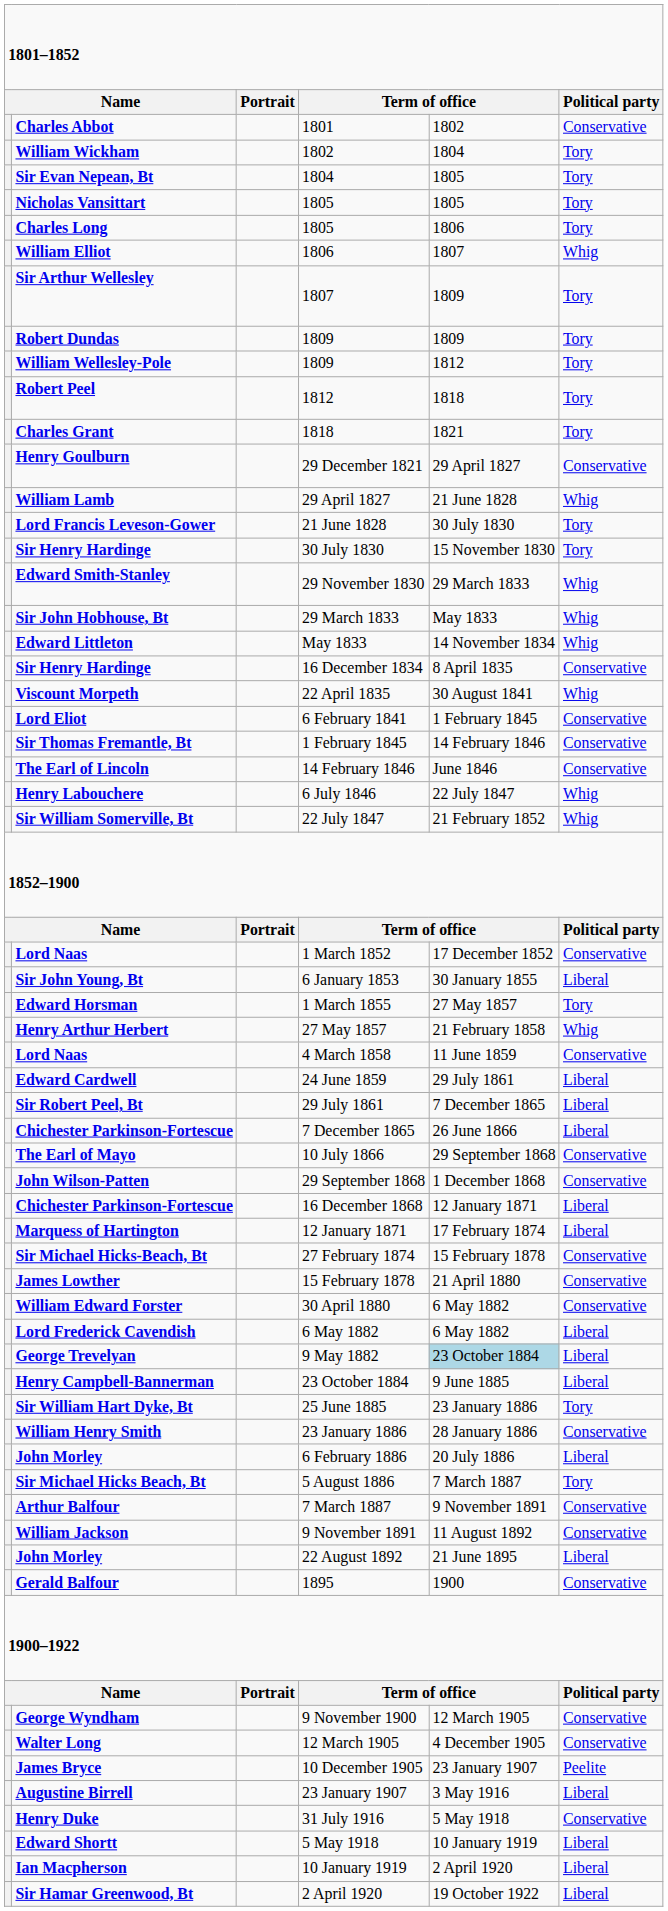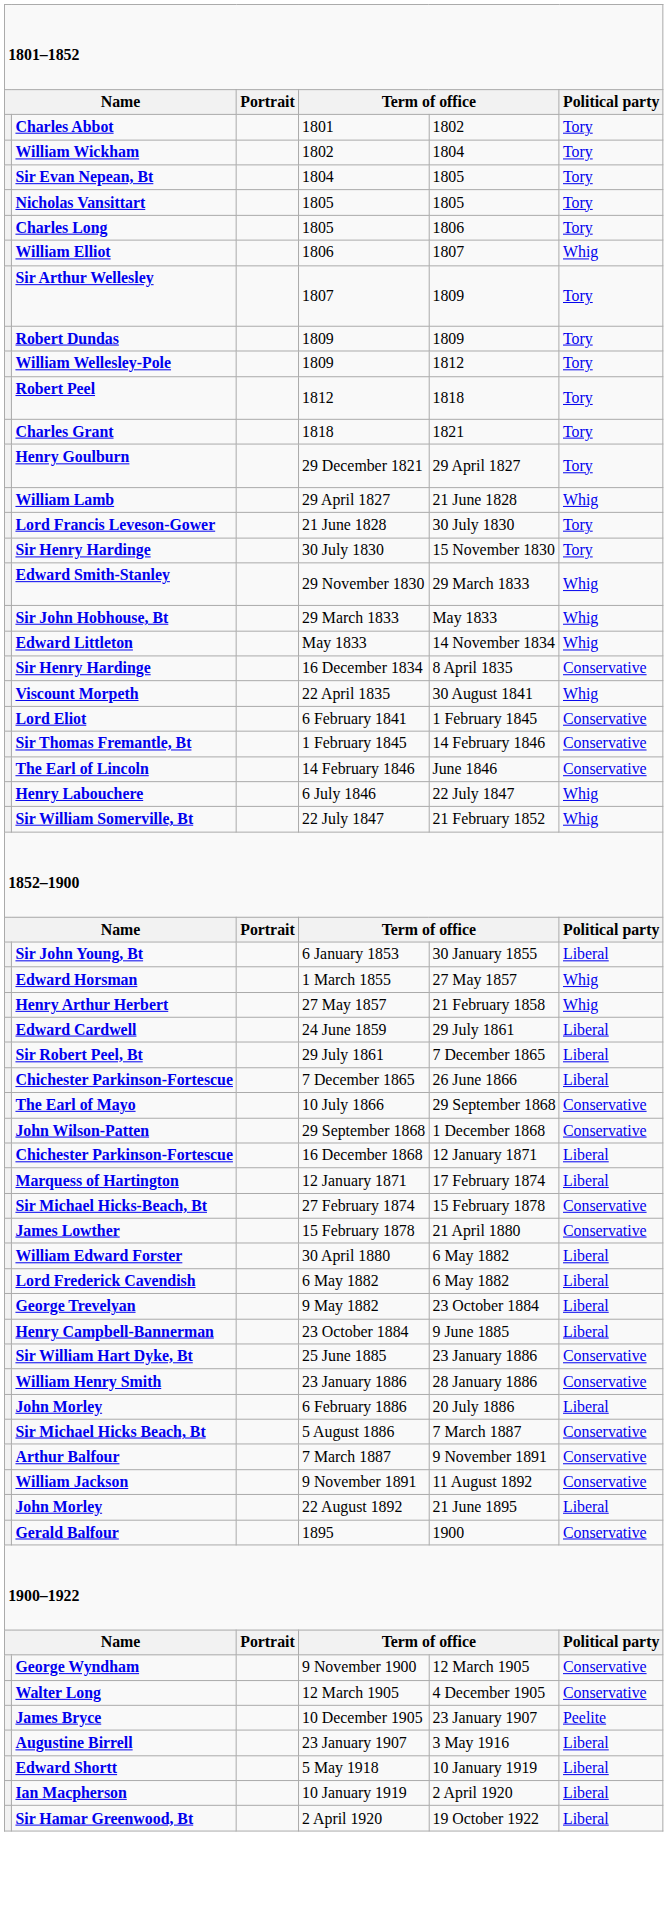 <table class="wikitable">
 <tr>
 <td colspan=6><br><h4>1801–1852</h4></td>
 </tr>
 <tr>
 <th colspan=2>Name</th>
 <th>Portrait</th>
 <th colspan=2>Term of office</th>
 <th>Political party</th>
 </tr>
 <tr>
 <th style="background-color: "></th>
 <td><strong><a href='#'>Charles Abbot</a></strong><br></td>
 <td></td>
 <td>1801</td>
 <td>1802</td>
-<td><a href='#'>Conservative</a></td>
+<td><a href='#'>Tory</a></td>
 </tr>
 <tr>
 <th style="background-color: "></th>
 <td><strong><a href='#'>William Wickham</a></strong><br></td>
 <td></td>
 <td>1802</td>
 <td>1804</td>
 <td><a href='#'>Tory</a></td>
 </tr>
 <tr>
 <th style="background-color: "></th>
 <td><strong><a href='#'>Sir Evan Nepean, Bt</a></strong><br></td>
 <td></td>
 <td>1804</td>
 <td>1805</td>
 <td><a href='#'>Tory</a></td>
 </tr>
 <tr>
 <th style="background-color: "></th>
 <td><strong><a href='#'>Nicholas Vansittart</a></strong><br></td>
 <td></td>
 <td>1805</td>
 <td>1805</td>
 <td><a href='#'>Tory</a></td>
 </tr>
 <tr>
 <th style="background-color: "></th>
 <td><strong><a href='#'>Charles Long</a></strong><br></td>
 <td></td>
 <td>1805</td>
 <td>1806</td>
 <td><a href='#'>Tory</a></td>
 </tr>
 <tr>
 <th style="background-color: "></th>
 <td><strong><a href='#'>William Elliot</a></strong><br></td>
 <td></td>
 <td>1806</td>
 <td>1807</td>
 <td><a href='#'>Whig</a></td>
 </tr>
 <tr>
 <th style="background-color: "></th>
 <td><strong><a href='#'>Sir Arthur Wellesley</a></strong><br><br><br></td>
 <td></td>
 <td>1807</td>
 <td>1809</td>
 <td><a href='#'>Tory</a></td>
 </tr>
 <tr>
 <th style="background-color: "></th>
 <td><strong><a href='#'>Robert Dundas</a></strong><br></td>
 <td></td>
 <td>1809</td>
 <td>1809</td>
 <td><a href='#'>Tory</a></td>
 </tr>
 <tr>
 <th style="background-color: "></th>
 <td><strong><a href='#'>William Wellesley-Pole</a></strong><br></td>
 <td></td>
 <td>1809</td>
 <td>1812</td>
 <td><a href='#'>Tory</a></td>
 </tr>
 <tr>
 <th style="background-color: "></th>
 <td><strong><a href='#'>Robert Peel</a></strong><br><br></td>
 <td></td>
 <td>1812</td>
 <td>1818</td>
 <td><a href='#'>Tory</a></td>
 </tr>
 <tr>
 <th style="background-color: "></th>
 <td><strong><a href='#'>Charles Grant</a></strong><br></td>
 <td></td>
 <td>1818</td>
 <td>1821</td>
 <td><a href='#'>Tory</a></td>
 </tr>
 <tr>
 <th style="background-color: "></th>
 <td><strong><a href='#'>Henry Goulburn</a></strong><br><br></td>
 <td></td>
 <td>29 December 1821</td>
 <td>29 April 1827</td>
-<td><a href='#'>Conservative</a></td>
+<td><a href='#'>Tory</a></td>
 </tr>
 <tr>
 <th style="background-color: "></th>
 <td><strong><a href='#'>William Lamb</a></strong><br></td>
 <td></td>
 <td>29 April 1827</td>
 <td>21 June 1828</td>
 <td><a href='#'>Whig</a></td>
 </tr>
 <tr>
 <th style="background-color: "></th>
 <td><strong><a href='#'>Lord Francis Leveson-Gower</a></strong><br></td>
 <td></td>
 <td>21 June 1828</td>
 <td>30 July 1830</td>
 <td><a href='#'>Tory</a></td>
 </tr>
 <tr>
 <th style="background-color: "></th>
 <td><strong><a href='#'>Sir Henry Hardinge</a></strong><br></td>
 <td></td>
 <td>30 July 1830</td>
 <td>15 November 1830</td>
 <td><a href='#'>Tory</a></td>
 </tr>
 <tr>
 <th style="background-color: "></th>
 <td><strong><a href='#'>Edward Smith-Stanley</a></strong><br><br></td>
 <td></td>
 <td>29 November 1830</td>
 <td>29 March 1833</td>
 <td><a href='#'>Whig</a></td>
 </tr>
 <tr>
 <th style="background-color: "></th>
 <td><strong><a href='#'>Sir John Hobhouse, Bt</a></strong><br></td>
 <td></td>
 <td>29 March 1833</td>
 <td>May 1833</td>
 <td><a href='#'>Whig</a></td>
 </tr>
 <tr>
 <th style="background-color: "></th>
 <td><strong><a href='#'>Edward Littleton</a></strong><br></td>
 <td></td>
 <td>May 1833</td>
 <td>14 November 1834</td>
 <td><a href='#'>Whig</a></td>
 </tr>
 <tr>
 <th style="background-color: "></th>
 <td><strong><a href='#'>Sir Henry Hardinge</a></strong><br></td>
 <td></td>
 <td>16 December 1834</td>
 <td>8 April 1835</td>
 <td><a href='#'>Conservative</a></td>
 </tr>
 <tr>
 <th style="background-color: "></th>
 <td><strong><a href='#'>Viscount Morpeth</a></strong><br></td>
 <td></td>
 <td>22 April 1835</td>
 <td>30 August 1841</td>
 <td><a href='#'>Whig</a></td>
 </tr>
 <tr>
 <th style="background-color: "></th>
 <td><strong><a href='#'>Lord Eliot</a></strong><br></td>
 <td></td>
 <td>6 February 1841</td>
 <td>1 February 1845</td>
 <td><a href='#'>Conservative</a></td>
 </tr>
 <tr>
 <th style="background-color: "></th>
 <td><strong><a href='#'>Sir Thomas Fremantle, Bt</a></strong><br></td>
 <td></td>
 <td>1 February 1845</td>
 <td>14 February 1846</td>
 <td><a href='#'>Conservative</a></td>
 </tr>
 <tr>
 <th style="background-color: "></th>
 <td><strong><a href='#'>The Earl of Lincoln</a></strong><br></td>
 <td></td>
 <td>14 February 1846</td>
 <td>June 1846</td>
 <td><a href='#'>Conservative</a></td>
 </tr>
 <tr>
 <th style="background-color: "></th>
 <td><strong><a href='#'>Henry Labouchere</a></strong><br></td>
 <td></td>
 <td>6 July 1846</td>
 <td>22 July 1847</td>
 <td><a href='#'>Whig</a></td>
 </tr>
 <tr>
 <th style="background-color: "></th>
 <td><strong><a href='#'>Sir William Somerville, Bt</a></strong><br></td>
 <td></td>
 <td>22 July 1847</td>
 <td>21 February 1852</td>
 <td><a href='#'>Whig</a></td>
 </tr>
 <tr>
 <td colspan=6><br><h4>1852–1900</h4></td>
 </tr>
 <tr>
 <th colspan=2>Name</th>
 <th>Portrait</th>
 <th colspan=2>Term of office</th>
 <th>Political party</th>
 </tr>
 <tr>
 <th style="background-color: "></th>
-<td><strong><a href='#'>Lord Naas</a></strong><br></td>
-<td></td>
-<td>1 March 1852</td>
-<td>17 December 1852</td>
-<td><a href='#'>Conservative</a></td>
-</tr>
-<tr>
-<th style="background-color: "></th>
 <td><strong><a href='#'>Sir John Young, Bt</a></strong><br></td>
 <td></td>
 <td>6 January 1853</td>
 <td>30 January 1855</td>
 <td><a href='#'>Liberal</a></td>
 </tr>
 <tr>
 <th style="background-color: "></th>
 <td><strong><a href='#'>Edward Horsman</a></strong><br></td>
 <td></td>
 <td>1 March 1855</td>
 <td>27 May 1857</td>
-<td><a href='#'>Tory</a></td>
+<td><a href='#'>Whig</a></td>
 </tr>
 <tr>
 <th style="background-color: "></th>
 <td><strong><a href='#'>Henry Arthur Herbert</a></strong><br></td>
 <td></td>
 <td>27 May 1857</td>
 <td>21 February 1858</td>
 <td><a href='#'>Whig</a></td>
-</tr>
-<tr>
-<th style="background-color: "></th>
-<td><strong><a href='#'>Lord Naas</a></strong><br></td>
-<td></td>
-<td>4 March 1858</td>
-<td>11 June 1859</td>
-<td><a href='#'>Conservative</a></td>
 </tr>
 <tr>
 <th style="background-color: "></th>
 <td><strong><a href='#'>Edward Cardwell</a></strong><br></td>
 <td></td>
 <td>24 June 1859</td>
 <td>29 July 1861</td>
 <td><a href='#'>Liberal</a></td>
 </tr>
 <tr>
 <th style="background-color: "></th>
 <td><strong><a href='#'>Sir Robert Peel, Bt</a></strong><br></td>
 <td></td>
 <td>29 July 1861</td>
 <td>7 December 1865</td>
 <td><a href='#'>Liberal</a></td>
 </tr>
 <tr>
 <th style="background-color: "></th>
 <td><strong><a href='#'>Chichester Parkinson-Fortescue</a></strong><br></td>
 <td></td>
 <td>7 December 1865</td>
 <td>26 June 1866</td>
 <td><a href='#'>Liberal</a></td>
 </tr>
 <tr>
 <th style="background-color: "></th>
 <td><strong><a href='#'>The Earl of Mayo</a></strong><br></td>
 <td></td>
 <td>10 July 1866</td>
 <td>29 September 1868</td>
 <td><a href='#'>Conservative</a></td>
 </tr>
 <tr>
 <th style="background-color: "></th>
 <td><strong><a href='#'>John Wilson-Patten</a></strong><br></td>
 <td></td>
 <td>29 September 1868</td>
 <td>1 December 1868</td>
 <td><a href='#'>Conservative</a></td>
 </tr>
 <tr>
 <th style="background-color: "></th>
 <td><strong><a href='#'>Chichester Parkinson-Fortescue</a></strong><br></td>
 <td></td>
 <td>16 December 1868</td>
 <td>12 January 1871</td>
 <td><a href='#'>Liberal</a></td>
 </tr>
 <tr>
 <th style="background-color: "></th>
 <td><strong><a href='#'>Marquess of Hartington</a></strong><br></td>
 <td></td>
 <td>12 January 1871</td>
 <td>17 February 1874</td>
 <td><a href='#'>Liberal</a></td>
 </tr>
 <tr>
 <th style="background-color: "></th>
 <td><strong><a href='#'>Sir Michael Hicks-Beach, Bt</a></strong><br></td>
 <td></td>
 <td>27 February 1874</td>
 <td>15 February 1878</td>
 <td><a href='#'>Conservative</a></td>
 </tr>
 <tr>
 <th style="background-color: "></th>
 <td><strong><a href='#'>James Lowther</a></strong><br></td>
 <td></td>
 <td>15 February 1878</td>
 <td>21 April 1880</td>
 <td><a href='#'>Conservative</a></td>
 </tr>
 <tr>
 <th style="background-color: "></th>
 <td><strong><a href='#'>William Edward Forster</a></strong><br></td>
 <td></td>
 <td>30 April 1880</td>
 <td>6 May 1882</td>
-<td><a href='#'>Conservative</a></td>
+<td><a href='#'>Liberal</a></td>
 </tr>
 <tr>
 <th style="background-color: "></th>
 <td><strong><a href='#'>Lord Frederick Cavendish</a></strong><br></td>
 <td></td>
 <td>6 May 1882</td>
 <td>6 May 1882</td>
 <td><a href='#'>Liberal</a></td>
 </tr>
 <tr>
 <th style="background-color: "></th>
 <td><strong><a href='#'>George Trevelyan</a></strong><br></td>
 <td></td>
 <td>9 May 1882</td>
-<td style="background: lightblue;">23 October 1884</td>
+<td>23 October 1884</td>
 <td><a href='#'>Liberal</a></td>
 </tr>
 <tr>
 <th style="background-color: "></th>
 <td><strong><a href='#'>Henry Campbell-Bannerman</a></strong><br></td>
 <td></td>
 <td>23 October 1884</td>
 <td>9 June 1885</td>
 <td><a href='#'>Liberal</a></td>
 </tr>
 <tr>
 <th style="background-color: "></th>
 <td><strong><a href='#'>Sir William Hart Dyke, Bt</a></strong><br></td>
 <td></td>
 <td>25 June 1885</td>
 <td>23 January 1886</td>
-<td><a href='#'>Tory</a></td>
+<td><a href='#'>Conservative</a></td>
 </tr>
 <tr>
 <th style="background-color: "></th>
 <td><strong><a href='#'>William Henry Smith</a></strong><br></td>
 <td></td>
 <td>23 January 1886</td>
 <td>28 January 1886</td>
 <td><a href='#'>Conservative</a></td>
 </tr>
 <tr>
 <th style="background-color: "></th>
 <td><strong><a href='#'>John Morley</a></strong><br></td>
 <td></td>
 <td>6 February 1886</td>
 <td>20 July 1886</td>
 <td><a href='#'>Liberal</a></td>
 </tr>
 <tr>
 <th style="background-color: "></th>
 <td><strong><a href='#'>Sir Michael Hicks Beach, Bt</a></strong><br></td>
 <td></td>
 <td>5 August 1886</td>
 <td>7 March 1887</td>
-<td><a href='#'>Tory</a></td>
+<td><a href='#'>Conservative</a></td>
 </tr>
 <tr>
 <th style="background-color: "></th>
 <td><strong><a href='#'>Arthur Balfour</a></strong><br></td>
 <td></td>
 <td>7 March 1887</td>
 <td>9 November 1891</td>
 <td><a href='#'>Conservative</a></td>
 </tr>
 <tr>
 <th style="background-color: "></th>
 <td><strong><a href='#'>William Jackson</a></strong><br></td>
 <td></td>
 <td>9 November 1891</td>
 <td>11 August 1892</td>
 <td><a href='#'>Conservative</a></td>
 </tr>
 <tr>
 <th style="background-color: "></th>
 <td><strong><a href='#'>John Morley</a></strong><br></td>
 <td></td>
 <td>22 August 1892</td>
 <td>21 June 1895</td>
 <td><a href='#'>Liberal</a></td>
 </tr>
 <tr>
 <th style="background-color: "></th>
 <td><strong><a href='#'>Gerald Balfour</a></strong><br></td>
 <td></td>
 <td>1895</td>
 <td>1900</td>
 <td><a href='#'>Conservative</a></td>
 </tr>
 <tr>
 <td colspan=6><br><h4>1900–1922</h4></td>
 </tr>
 <tr>
 <th colspan=2>Name</th>
 <th>Portrait</th>
 <th colspan=2>Term of office</th>
 <th>Political party</th>
 </tr>
 <tr>
 <th style="background-color: "></th>
 <td><strong><a href='#'>George Wyndham</a></strong><br></td>
 <td></td>
 <td>9 November 1900</td>
 <td>12 March 1905</td>
 <td><a href='#'>Conservative</a></td>
 </tr>
 <tr>
 <th style="background-color: "></th>
 <td><strong><a href='#'>Walter Long</a></strong><br></td>
 <td></td>
 <td>12 March 1905</td>
 <td>4 December 1905</td>
 <td><a href='#'>Conservative</a></td>
 </tr>
 <tr>
 <th style="background-color: "></th>
 <td><strong><a href='#'>James Bryce</a></strong><br></td>
 <td></td>
 <td>10 December 1905</td>
 <td>23 January 1907</td>
 <td><a href='#'>Peelite</a></td>
 </tr>
 <tr>
 <th style="background-color: "></th>
 <td><strong><a href='#'>Augustine Birrell</a></strong><br></td>
 <td></td>
 <td>23 January 1907</td>
 <td>3 May 1916</td>
 <td><a href='#'>Liberal</a></td>
 </tr>
 <tr>
 <th style="background-color: "></th>
-<td><strong><a href='#'>Henry Duke</a></strong><br></td>
-<td></td>
-<td>31 July 1916</td>
-<td>5 May 1918</td>
-<td><a href='#'>Conservative</a></td>
-</tr>
-<tr>
-<th style="background-color: "></th>
 <td><strong><a href='#'>Edward Shortt</a></strong><br></td>
 <td></td>
 <td>5 May 1918</td>
 <td>10 January 1919</td>
 <td><a href='#'>Liberal</a></td>
 </tr>
 <tr>
 <th style="background-color: "></th>
 <td><strong><a href='#'>Ian Macpherson</a></strong><br></td>
 <td></td>
 <td>10 January 1919</td>
 <td>2 April 1920</td>
 <td><a href='#'>Liberal</a></td>
 </tr>
 <tr>
 <th style="background-color: "></th>
 <td><strong><a href='#'>Sir Hamar Greenwood, Bt</a></strong><br></td>
 <td></td>
 <td>2 April 1920</td>
 <td>19 October 1922</td>
 <td><a href='#'>Liberal</a></td>
 </tr>
 </table>
